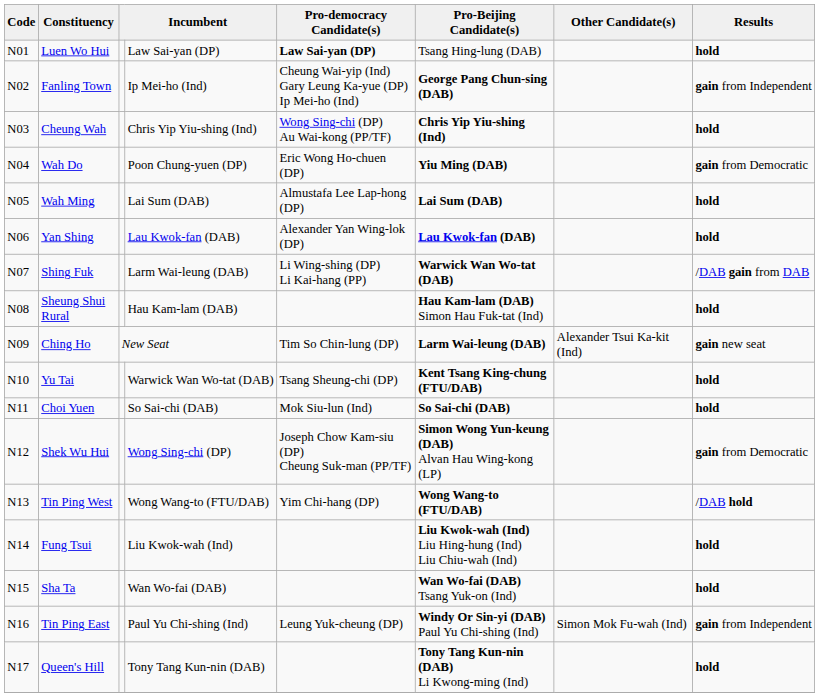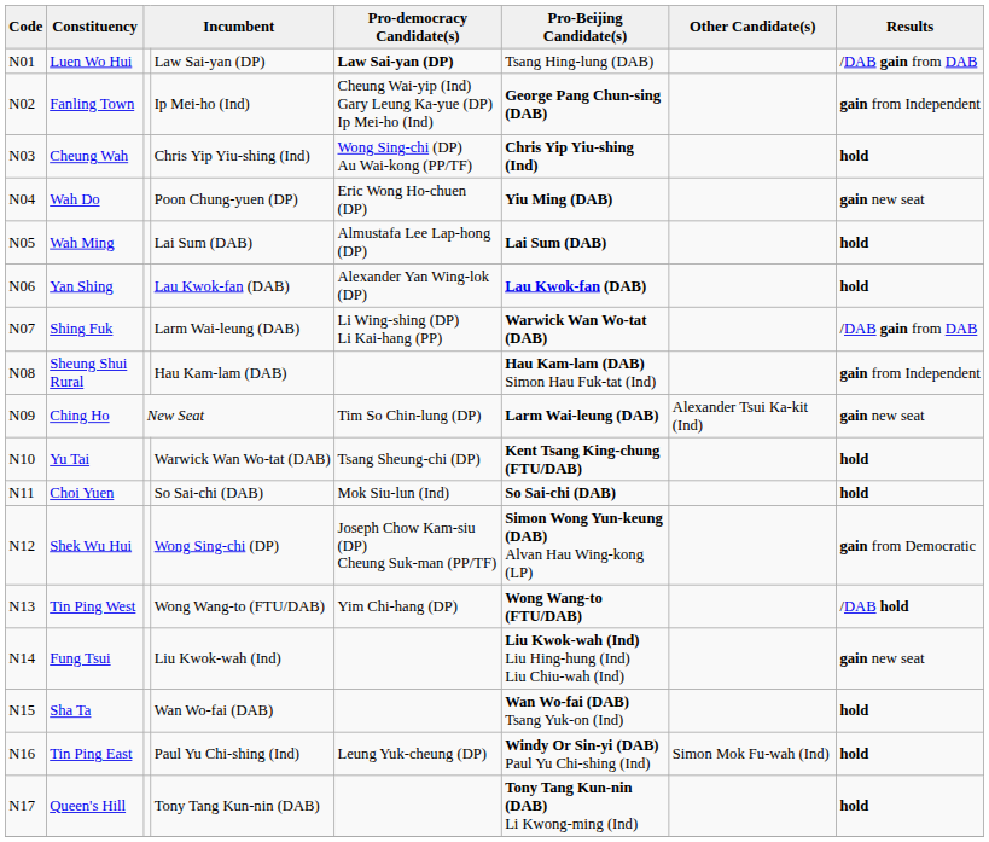 <table class="wikitable" style="font-size: 95%;">
 <tr>
 <th align="center" style="background:#f0f0f0;" width="20px">Code</th>
 <th align="center" style="background:#f0f0f0;" width="90px">Constituency</th>
 <th align="center" style="background:#f0f0f0;" width="120px" colspan=2>Incumbent</th>
 <th align="center" style="background:#f0f0f0;" width="160px">Pro-democracy Candidate(s)</th>
 <th align="center" style="background:#f0f0f0;" width="160px">Pro-Beijing Candidate(s)</th>
 <th align="center" style="background:#f0f0f0;" width="160px">Other Candidate(s)</th>
 <th align="center" style="background:#f0f0f0;" width="100px" colspan="2">Results</th>
 </tr>
 <tr>
 <td>N01</td>
 <td><a href='#'>Luen Wo Hui</a></td>
 <td></td>
 <td>Law Sai-yan (DP)</td>
 <td><strong>Law Sai-yan (DP)</strong></td>
 <td>Tsang Hing-lung (DAB)</td>
 <td></td>
-<td> <strong>hold</strong></td>
+<td>/<a href='#'>DAB</a> <strong>gain</strong> from <a href='#'>DAB</a></td>
 </tr>
 <tr>
 <td>N02</td>
 <td><a href='#'>Fanling Town</a></td>
 <td></td>
 <td>Ip Mei-ho (Ind)</td>
 <td>Cheung Wai-yip (Ind)<br>Gary Leung Ka-yue (DP)<br>Ip Mei-ho (Ind)</td>
 <td><strong>George Pang Chun-sing (DAB)</strong></td>
 <td></td>
 <td> <strong>gain</strong> from Independent</td>
 </tr>
 <tr>
 <td>N03</td>
 <td><a href='#'>Cheung Wah</a></td>
 <td></td>
 <td>Chris Yip Yiu-shing (Ind)</td>
 <td><a href='#'>Wong Sing-chi</a> (DP) <br>Au Wai-kong (PP/TF)</td>
 <td><strong>Chris Yip Yiu-shing (Ind)</strong></td>
 <td></td>
 <td> <strong>hold</strong></td>
 </tr>
 <tr>
 <td>N04</td>
 <td><a href='#'>Wah Do</a></td>
 <td></td>
 <td>Poon Chung-yuen (DP)</td>
 <td>Eric Wong Ho-chuen (DP)</td>
 <td><strong>Yiu Ming (DAB)</strong></td>
 <td></td>
-<td> <strong>gain</strong> from Democratic</td>
+<td> <strong>gain</strong> new seat</td>
 </tr>
 <tr>
 <td>N05</td>
 <td><a href='#'>Wah Ming</a></td>
 <td></td>
 <td>Lai Sum (DAB)</td>
 <td>Almustafa Lee Lap-hong (DP)</td>
 <td><strong>Lai Sum (DAB)</strong></td>
 <td></td>
 <td> <strong>hold</strong></td>
 </tr>
 <tr>
 <td>N06</td>
 <td><a href='#'>Yan Shing</a></td>
 <td></td>
 <td><a href='#'>Lau Kwok-fan</a> (DAB)</td>
 <td>Alexander Yan Wing-lok (DP)</td>
 <td><strong><a href='#'>Lau Kwok-fan</a> (DAB) </strong></td>
 <td></td>
 <td> <strong>hold</strong></td>
 </tr>
 <tr>
 <td>N07</td>
 <td><a href='#'>Shing Fuk</a></td>
 <td></td>
 <td>Larm Wai-leung (DAB)</td>
 <td>Li Wing-shing (DP) <br> Li Kai-hang (PP)</td>
 <td><strong>Warwick Wan Wo-tat (DAB)</strong></td>
 <td></td>
 <td>/<a href='#'>DAB</a> <strong>gain</strong> from <a href='#'>DAB</a></td>
 </tr>
 <tr>
 <td>N08</td>
 <td><a href='#'>Sheung Shui Rural</a></td>
 <td></td>
 <td>Hau Kam-lam (DAB)</td>
 <td></td>
 <td><strong>Hau Kam-lam (DAB)</strong><br>Simon Hau Fuk-tat (Ind)</td>
 <td></td>
-<td> <strong>hold</strong></td>
+<td> <strong>gain</strong> from Independent</td>
 </tr>
 <tr>
 <td>N09</td>
 <td><a href='#'>Ching Ho</a></td>
 <td colspan=2><em>New Seat</em></td>
 <td>Tim So Chin-lung (DP)</td>
 <td><strong>Larm Wai-leung (DAB)</strong></td>
 <td>Alexander Tsui Ka-kit (Ind)</td>
 <td> <strong>gain</strong> new seat</td>
 </tr>
 <tr>
 <td>N10</td>
 <td><a href='#'>Yu Tai</a></td>
 <td></td>
 <td>Warwick Wan Wo-tat (DAB)</td>
 <td>Tsang Sheung-chi (DP)</td>
 <td><strong>Kent Tsang King-chung (FTU/DAB)</strong></td>
 <td></td>
 <td> <strong>hold</strong></td>
 </tr>
 <tr>
 <td>N11</td>
 <td><a href='#'>Choi Yuen</a></td>
 <td></td>
 <td>So Sai-chi (DAB)</td>
 <td>Mok Siu-lun (Ind)</td>
 <td><strong>So Sai-chi (DAB)</strong></td>
 <td></td>
 <td> <strong>hold</strong></td>
 </tr>
 <tr>
 <td>N12</td>
 <td><a href='#'>Shek Wu Hui</a></td>
 <td></td>
 <td><a href='#'>Wong Sing-chi</a> (DP)</td>
 <td>Joseph Chow Kam-siu (DP) <br> Cheung Suk-man (PP/TF)</td>
 <td><strong>Simon Wong Yun-keung (DAB)</strong><br>Alvan Hau Wing-kong (LP)</td>
 <td></td>
 <td> <strong>gain</strong> from Democratic</td>
 </tr>
 <tr>
 <td>N13</td>
 <td><a href='#'>Tin Ping West</a></td>
 <td></td>
 <td>Wong Wang-to (FTU/DAB)</td>
 <td>Yim Chi-hang (DP)</td>
 <td><strong>Wong Wang-to (FTU/DAB)</strong></td>
 <td></td>
 <td>/<a href='#'>DAB</a> <strong>hold</strong></td>
 </tr>
 <tr>
 <td>N14</td>
 <td><a href='#'>Fung Tsui</a></td>
 <td></td>
 <td>Liu Kwok-wah (Ind)</td>
 <td></td>
 <td><strong>Liu Kwok-wah (Ind)</strong><br>Liu Hing-hung (Ind)<br>Liu Chiu-wah (Ind)</td>
 <td></td>
-<td> <strong>hold</strong></td>
+<td> <strong>gain</strong> new seat</td>
 </tr>
 <tr>
 <td>N15</td>
 <td><a href='#'>Sha Ta</a></td>
 <td></td>
 <td>Wan Wo-fai (DAB)</td>
 <td></td>
 <td><strong>Wan Wo-fai (DAB)</strong><br>Tsang Yuk-on (Ind)</td>
 <td></td>
 <td> <strong>hold</strong></td>
 </tr>
 <tr>
 <td>N16</td>
 <td><a href='#'>Tin Ping East</a></td>
 <td></td>
 <td>Paul Yu Chi-shing (Ind)</td>
 <td>Leung Yuk-cheung (DP)</td>
 <td><strong>Windy Or Sin-yi (DAB)</strong><br> Paul Yu Chi-shing (Ind)</td>
 <td>Simon Mok Fu-wah (Ind)</td>
-<td> <strong>gain</strong> from Independent</td>
+<td> <strong>hold</strong></td>
 </tr>
 <tr>
 <td>N17</td>
 <td><a href='#'>Queen's Hill</a></td>
 <td></td>
 <td>Tony Tang Kun-nin (DAB)</td>
 <td></td>
 <td><strong>Tony Tang Kun-nin (DAB)</strong><br>Li Kwong-ming (Ind)</td>
 <td></td>
 <td> <strong>hold</strong></td>
 </tr>
 <tr>
 </tr>
 </table>
